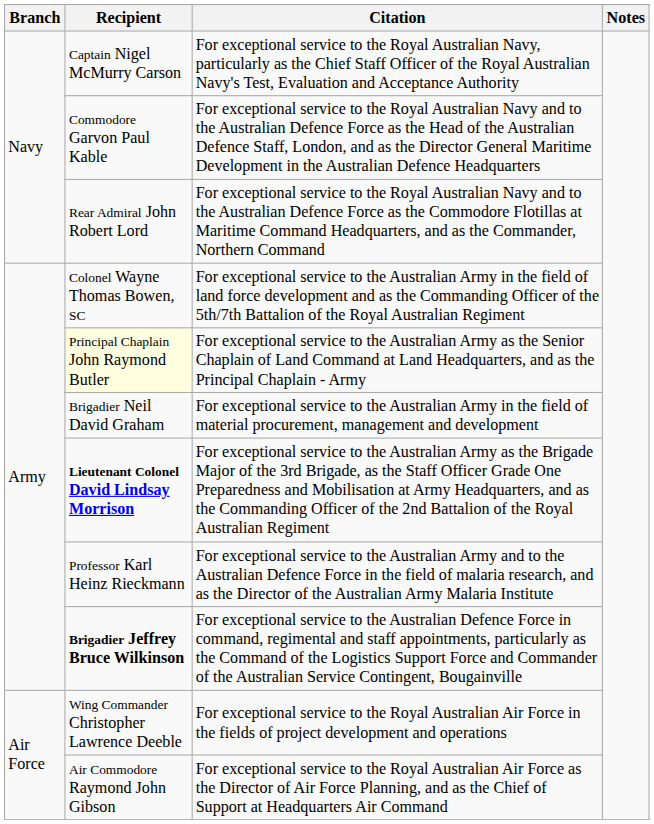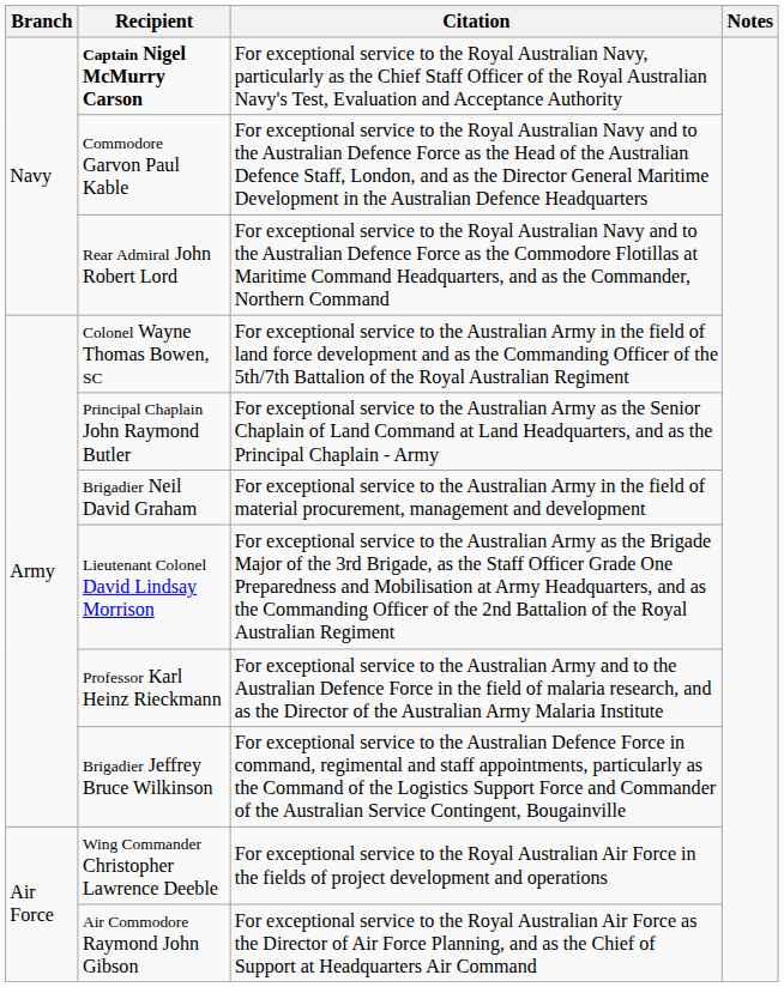 <table class="wikitable" style="font-size:95%;">
 <tr>
 <th>Branch</th>
 <th>Recipient</th>
 <th>Citation</th>
 <th>Notes</th>
 </tr>
 <tr>
 <td rowspan=3>Navy</td>
-<td><small>Captain</small> Nigel McMurry Carson</td>
+<td><strong><small>Captain</small> Nigel McMurry Carson</strong></td>
 <td>For exceptional service to the Royal Australian Navy, particularly as the Chief Staff Officer of the Royal Australian Navy's Test, Evaluation and Acceptance Authority</td>
 <td rowspan=11></td>
 </tr>
 <tr>
 <td><small>Commodore</small> Garvon Paul Kable</td>
 <td>For exceptional service to the Royal Australian Navy and to the Australian Defence Force as the Head of the Australian Defence Staff, London, and as the Director General Maritime Development in the Australian Defence Headquarters</td>
 </tr>
 <tr>
 <td><small>Rear Admiral</small> John Robert Lord</td>
 <td>For exceptional service to the Royal Australian Navy and to the Australian Defence Force as the Commodore Flotillas at Maritime Command Headquarters, and as the Commander, Northern Command</td>
 </tr>
 <tr>
 <td rowspan=6>Army</td>
 <td><small>Colonel</small> Wayne Thomas Bowen, <small>SC</small></td>
 <td>For exceptional service to the Australian Army in the field of land force development and as the Commanding Officer of the 5th/7th Battalion of the Royal Australian Regiment</td>
 </tr>
 <tr>
-<td style="background: lightyellow;"><small>Principal Chaplain</small> John Raymond Butler</td>
+<td><small>Principal Chaplain</small> John Raymond Butler</td>
 <td>For exceptional service to the Australian Army as the Senior Chaplain of Land Command at Land Headquarters, and as the Principal Chaplain - Army</td>
 </tr>
 <tr>
 <td><small>Brigadier</small> Neil David Graham</td>
 <td>For exceptional service to the Australian Army in the field of material procurement, management and development</td>
 </tr>
 <tr>
-<td><strong><small>Lieutenant Colonel</small> <a href='#'>David Lindsay Morrison</a></strong></td>
+<td><small>Lieutenant Colonel</small> <a href='#'>David Lindsay Morrison</a></td>
 <td>For exceptional service to the Australian Army as the Brigade Major of the 3rd Brigade, as the Staff Officer Grade One Preparedness and Mobilisation at Army Headquarters, and as the Commanding Officer of the 2nd Battalion of the Royal Australian Regiment</td>
 </tr>
 <tr>
 <td><small>Professor</small> Karl Heinz Rieckmann</td>
 <td>For exceptional service to the Australian Army and to the Australian Defence Force in the field of malaria research, and as the Director of the Australian Army Malaria Institute</td>
 </tr>
 <tr>
-<td><strong><small>Brigadier</small> Jeffrey Bruce Wilkinson</strong></td>
+<td><small>Brigadier</small> Jeffrey Bruce Wilkinson</td>
 <td>For exceptional service to the Australian Defence Force in command, regimental and staff appointments, particularly as the Command of the Logistics Support Force and Commander of the Australian Service Contingent, Bougainville</td>
 </tr>
 <tr>
 <td rowspan=2>Air Force</td>
 <td><small>Wing Commander</small> Christopher Lawrence Deeble</td>
 <td>For exceptional service to the Royal Australian Air Force in the fields of project development and operations</td>
 </tr>
 <tr>
 <td><small>Air Commodore</small> Raymond John Gibson</td>
 <td>For exceptional service to the Royal Australian Air Force as the Director of Air Force Planning, and as the Chief of Support at Headquarters Air Command</td>
 </tr>
 </table>
